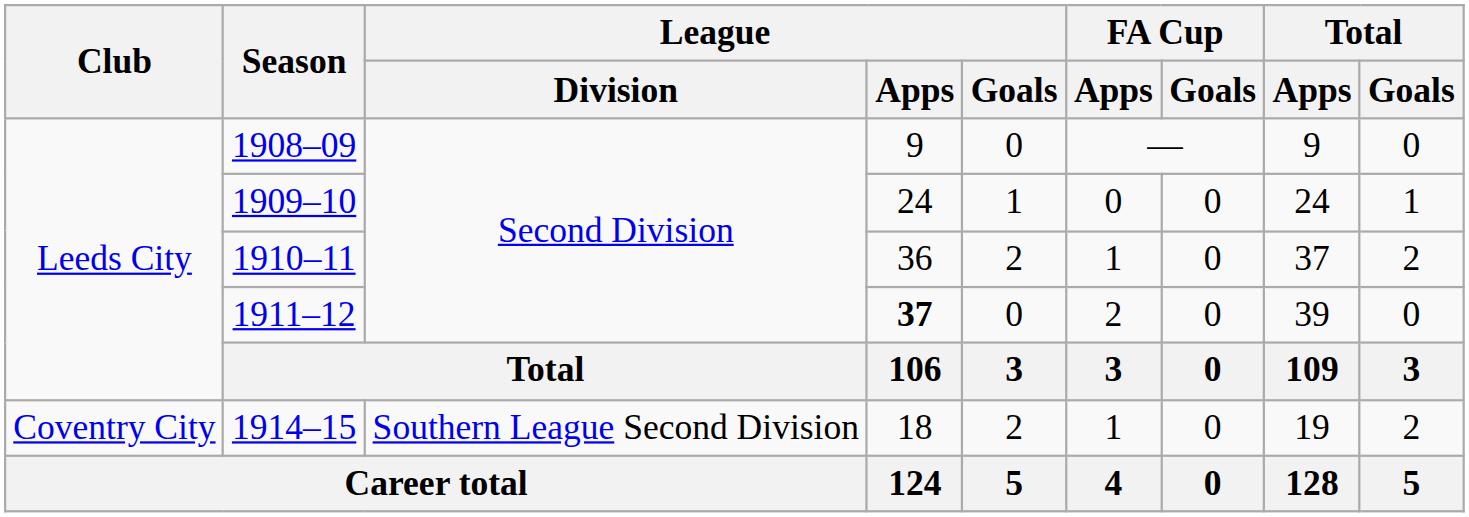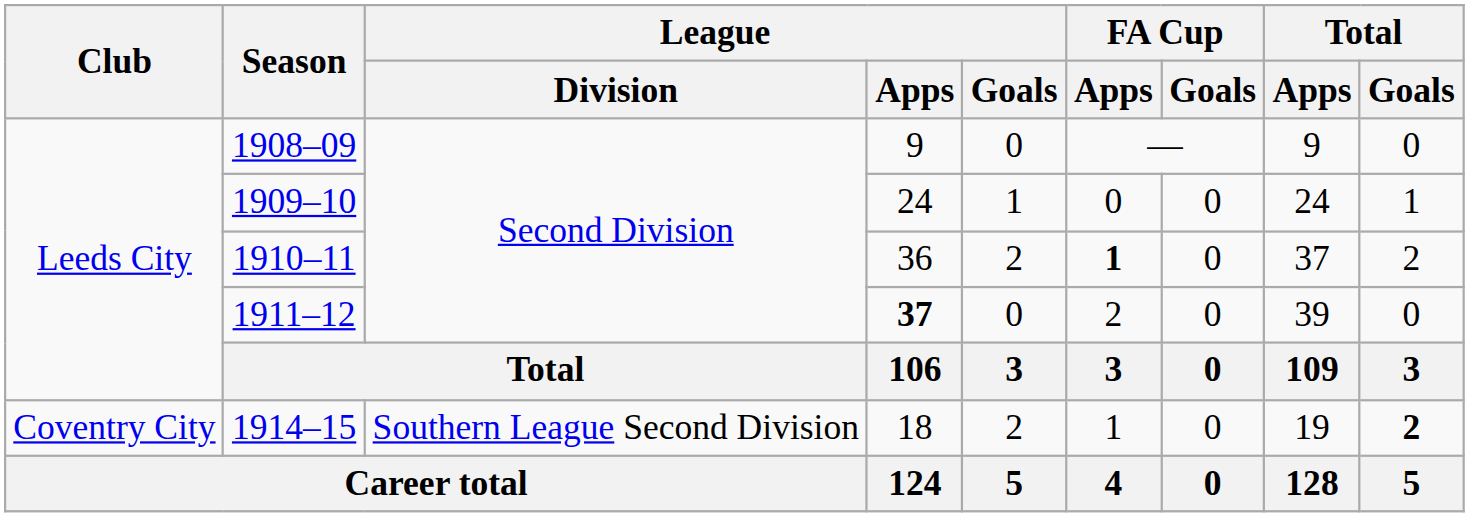 <table class="wikitable" style="text-align: center;">
 <tr>
 <th rowspan="2">Club</th>
 <th rowspan="2">Season</th>
 <th colspan="3">League</th>
 <th colspan="2">FA Cup</th>
 <th colspan="2">Total</th>
 </tr>
 <tr>
 <th>Division</th>
 <th>Apps</th>
 <th>Goals</th>
 <th>Apps</th>
 <th>Goals</th>
 <th>Apps</th>
 <th>Goals</th>
 </tr>
 <tr>
 <td rowspan="5"><a href='#'>Leeds City</a></td>
 <td><a href='#'>1908–09</a></td>
 <td rowspan="4"><a href='#'>Second Division</a></td>
 <td>9</td>
 <td>0</td>
 <td colspan="2">—</td>
 <td>9</td>
 <td>0</td>
 </tr>
 <tr>
 <td><a href='#'>1909–10</a></td>
 <td>24</td>
 <td>1</td>
 <td>0</td>
 <td>0</td>
 <td>24</td>
 <td>1</td>
 </tr>
 <tr>
 <td><a href='#'>1910–11</a></td>
 <td>36</td>
 <td>2</td>
-<td>1</td>
+<td><strong>1</strong></td>
 <td>0</td>
 <td>37</td>
 <td>2</td>
 </tr>
 <tr>
 <td><a href='#'>1911–12</a></td>
 <td><strong>37</strong></td>
 <td>0</td>
 <td>2</td>
 <td>0</td>
 <td>39</td>
 <td>0</td>
 </tr>
 <tr>
 <th colspan="2">Total</th>
 <th>106</th>
 <th>3</th>
 <th>3</th>
 <th>0</th>
 <th>109</th>
 <th>3</th>
 </tr>
 <tr>
 <td><a href='#'>Coventry City</a></td>
 <td><a href='#'>1914–15</a></td>
 <td><a href='#'>Southern League</a> Second Division</td>
 <td>18</td>
 <td>2</td>
 <td>1</td>
 <td>0</td>
 <td>19</td>
-<td>2</td>
+<td><strong>2</strong></td>
 </tr>
 <tr>
 <th colspan="3">Career total</th>
 <th>124</th>
 <th>5</th>
 <th>4</th>
 <th>0</th>
 <th>128</th>
 <th>5</th>
 </tr>
 </table>
